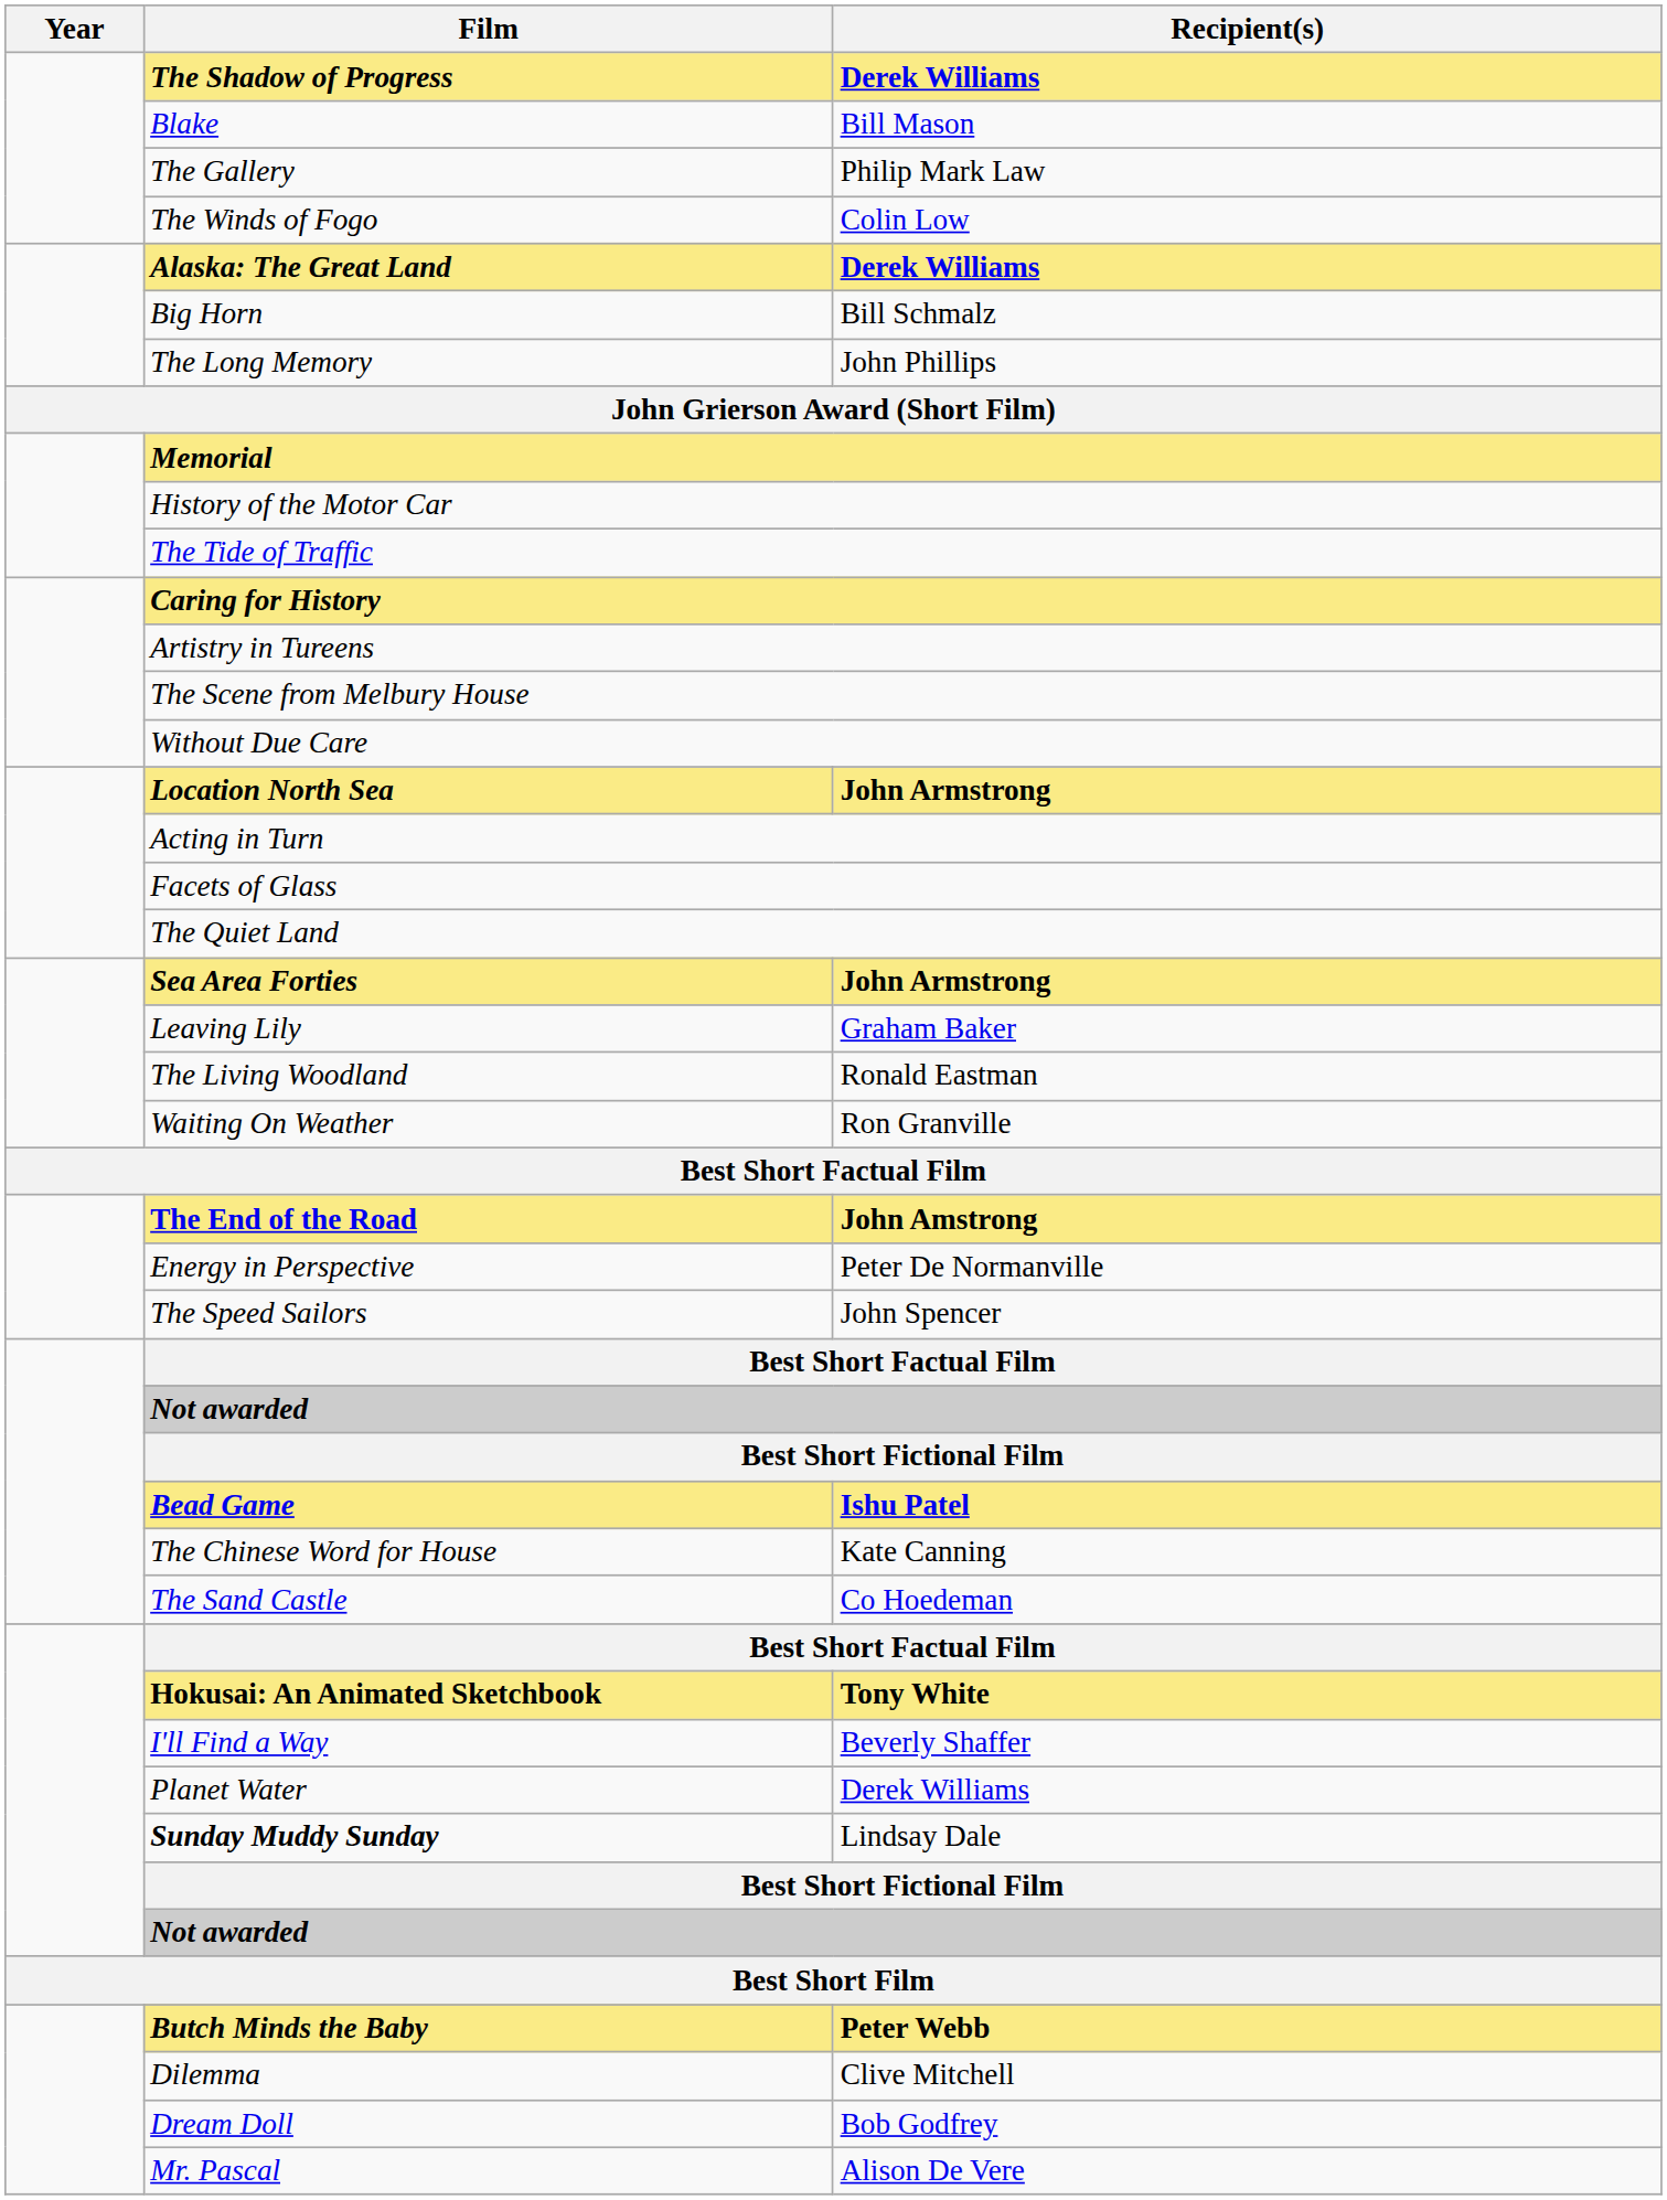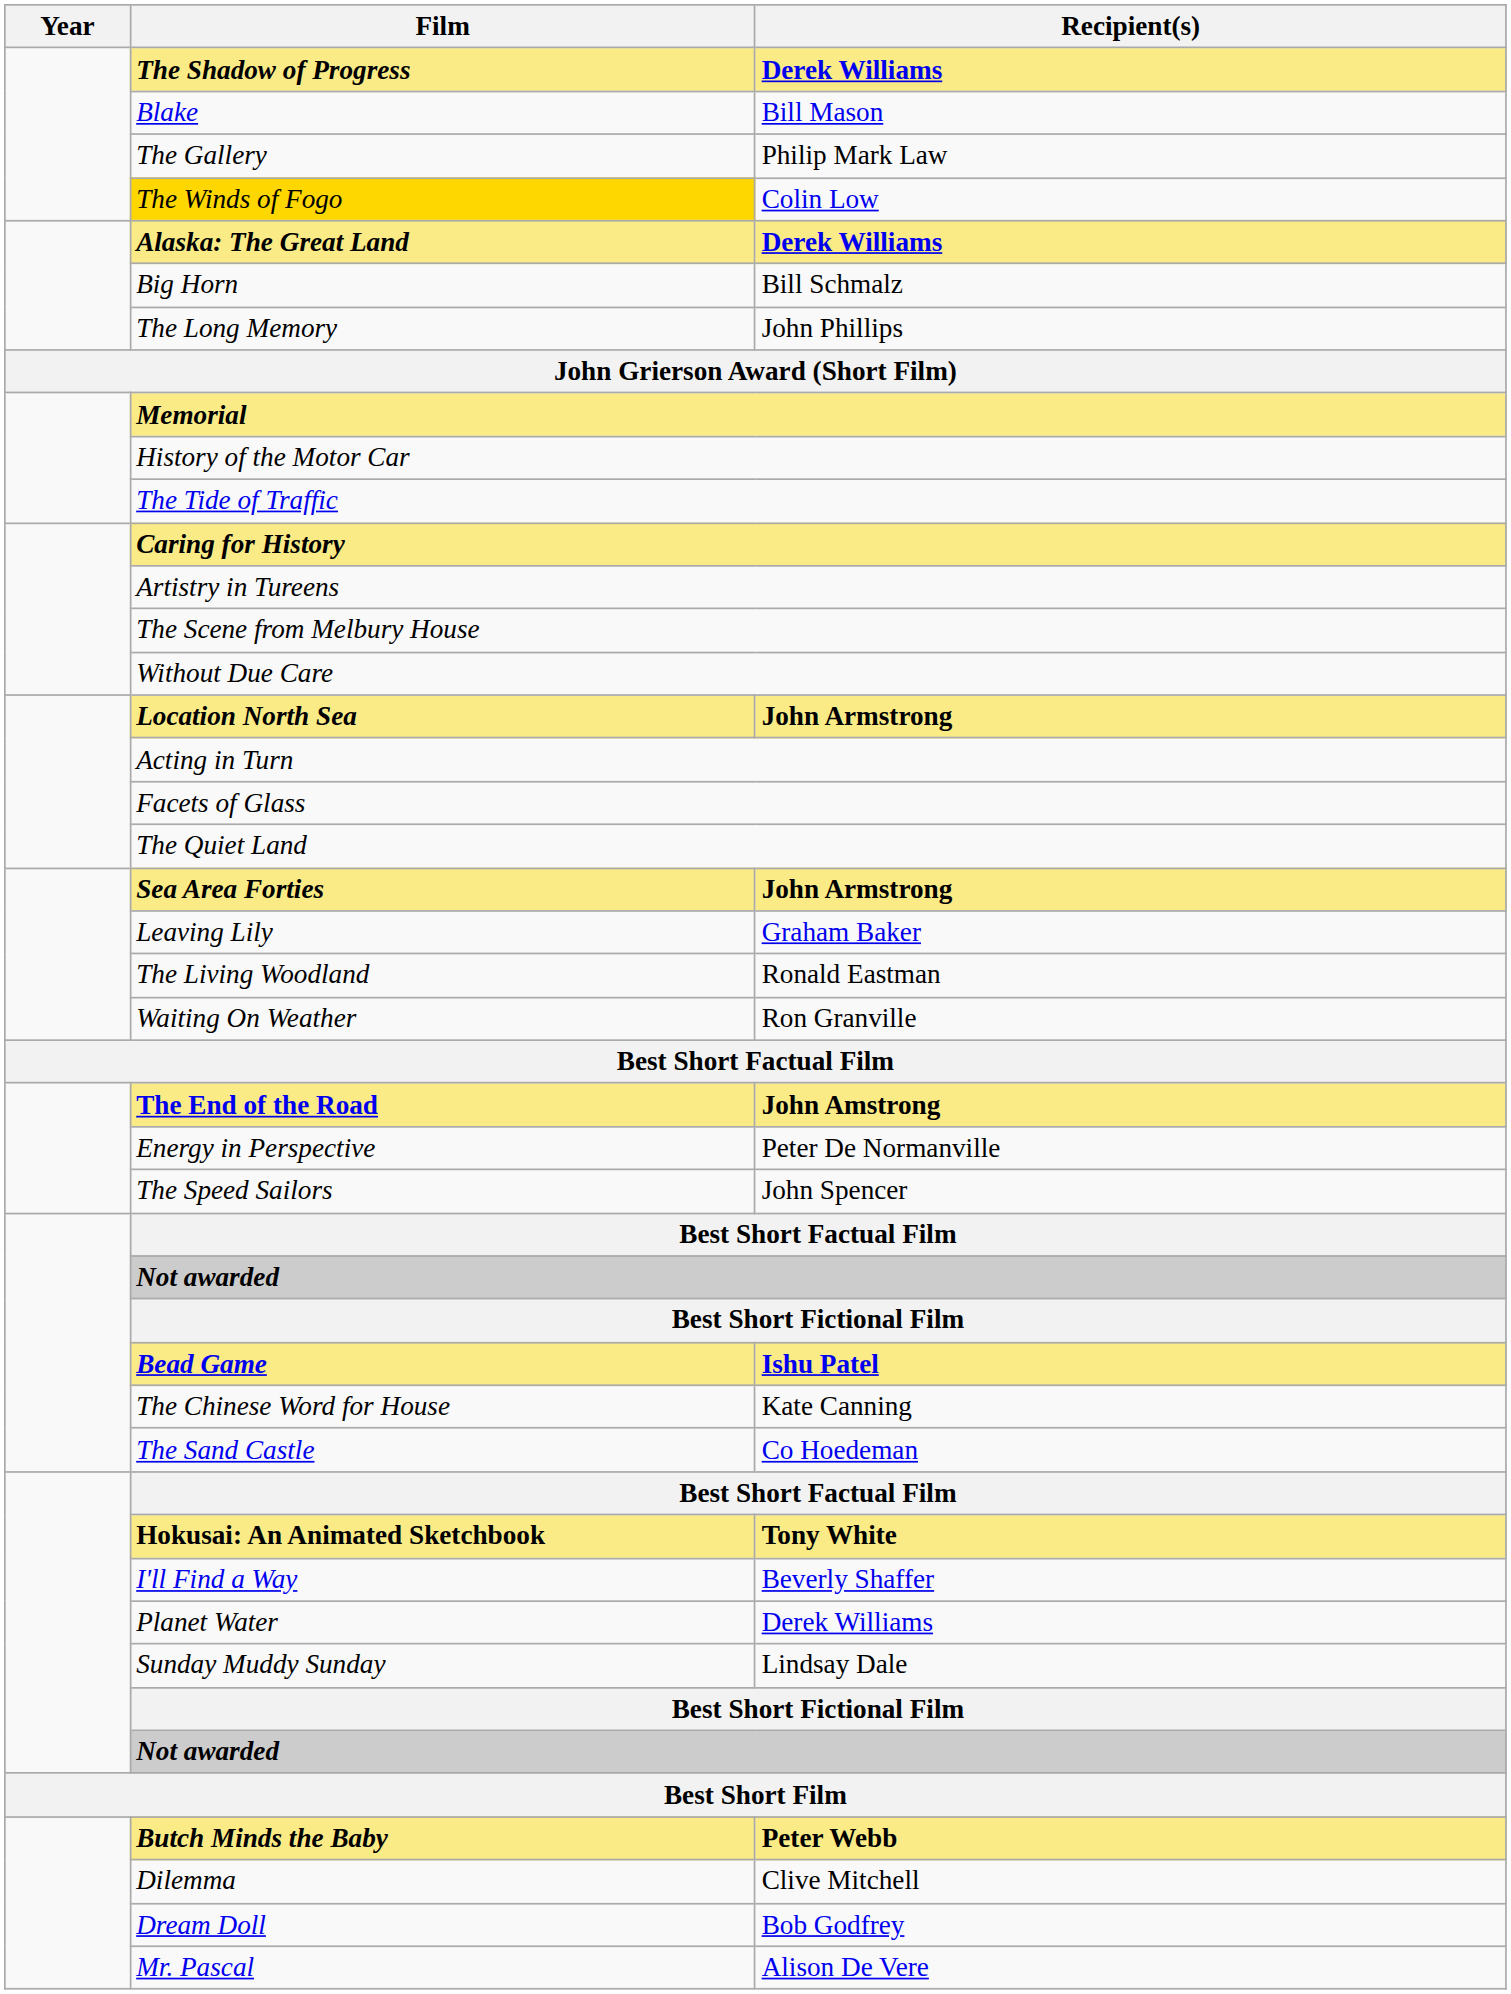 <table class="wikitable" style="width:100%;" cellpadding="5">
 <tr>
 <th style="width:5%;">Year</th>
 <th style="width:25%;">Film</th>
 <th style="width:30%;">Recipient(s)</th>
 </tr>
 <tr>
 <td rowspan="4"></td>
 <td style="background:#FAEB86"><strong><em>The Shadow of Progress</em></strong></td>
 <td style="background:#FAEB86"><strong><a href='#'>Derek Williams</a></strong></td>
 </tr>
 <tr>
 <td><em><a href='#'>Blake</a></em></td>
 <td><a href='#'>Bill Mason</a></td>
 </tr>
 <tr>
 <td><em>The Gallery</em></td>
 <td>Philip Mark Law</td>
 </tr>
 <tr>
-<td><em>The Winds of Fogo</em></td>
+<td style="background: gold;"><em>The Winds of Fogo</em></td>
 <td><a href='#'>Colin Low</a></td>
 </tr>
 <tr>
 <td rowspan="3"></td>
 <td style="background:#FAEB86"><strong><em>Alaska: The Great Land</em></strong></td>
 <td style="background:#FAEB86"><strong><a href='#'>Derek Williams</a></strong></td>
 </tr>
 <tr>
 <td><em>Big Horn</em></td>
 <td>Bill Schmalz</td>
 </tr>
 <tr>
 <td><em>The Long Memory</em></td>
 <td>John Phillips</td>
 </tr>
 <tr>
 <th colspan="3">John Grierson Award (Short Film)</th>
 </tr>
 <tr>
 <td rowspan="3"></td>
 <td colspan="2" style="background:#FAEB86"><strong><em>Memorial</em></strong></td>
 </tr>
 <tr>
 <td colspan="2"><em>History of the Motor Car</em></td>
 </tr>
 <tr>
 <td colspan="2"><em><a href='#'>The Tide of Traffic</a></em></td>
 </tr>
 <tr>
 <td rowspan="4"></td>
 <td colspan="2" style="background:#FAEB86"><strong><em>Caring for History</em></strong></td>
 </tr>
 <tr>
 <td colspan="2"><em>Artistry in Tureens</em></td>
 </tr>
 <tr>
 <td colspan="2"><em>The Scene from Melbury House</em></td>
 </tr>
 <tr>
 <td colspan="2"><em>Without Due Care</em></td>
 </tr>
 <tr>
 <td rowspan="4"></td>
 <td style="background:#FAEB86"><strong><em>Location North Sea</em></strong></td>
 <td style="background:#FAEB86"><strong>John Armstrong</strong></td>
 </tr>
 <tr>
 <td colspan="2"><em>Acting in Turn</em></td>
 </tr>
 <tr>
 <td colspan="2"><em>Facets of Glass</em></td>
 </tr>
 <tr>
 <td colspan="2"><em>The Quiet Land</em></td>
 </tr>
 <tr>
 <td rowspan="4"></td>
 <td style="background:#FAEB86"><strong><em>Sea Area Forties</em></strong></td>
 <td style="background:#FAEB86"><strong>John Armstrong</strong></td>
 </tr>
 <tr>
 <td><em>Leaving Lily</em></td>
 <td><a href='#'>Graham Baker</a></td>
 </tr>
 <tr>
 <td><em>The Living Woodland</em></td>
 <td>Ronald Eastman</td>
 </tr>
 <tr>
 <td><em>Waiting On Weather</em></td>
 <td>Ron Granville</td>
 </tr>
 <tr>
 <th colspan="3">Best Short Factual Film</th>
 </tr>
 <tr>
 <td rowspan="3"></td>
 <td style="background:#FAEB86"><strong><a href='#'>The End of the Road</a></strong></td>
 <td style="background:#FAEB86"><strong>John Amstrong</strong></td>
 </tr>
 <tr>
 <td><em>Energy in Perspective</em></td>
 <td>Peter De Normanville</td>
 </tr>
 <tr>
 <td><em>The Speed Sailors</em></td>
 <td>John Spencer</td>
 </tr>
 <tr>
 <td rowspan="6"></td>
 <th colspan="2">Best Short Factual Film</th>
 </tr>
 <tr>
 <td colspan="2" style="background:#ccc;"><strong><em>Not awarded</em></strong></td>
 </tr>
 <tr>
 <th colspan="2">Best Short Fictional Film</th>
 </tr>
 <tr>
 <td style="background:#FAEB86"><strong><em><a href='#'>Bead Game</a></em></strong></td>
 <td style="background:#FAEB86"><strong><a href='#'>Ishu Patel</a></strong></td>
 </tr>
 <tr>
 <td><em>The Chinese Word for House</em></td>
 <td>Kate Canning</td>
 </tr>
 <tr>
 <td><em><a href='#'>The Sand Castle</a></em></td>
 <td><a href='#'>Co Hoedeman</a></td>
 </tr>
 <tr>
 <td rowspan="7"></td>
 <th colspan="2">Best Short Factual Film</th>
 </tr>
 <tr>
 <td style="background:#FAEB86"><strong>Hokusai: An Animated Sketchbook</strong></td>
 <td style="background:#FAEB86"><strong>Tony White</strong></td>
 </tr>
 <tr>
 <td><em><a href='#'>I'll Find a Way</a></em></td>
 <td><a href='#'>Beverly Shaffer</a></td>
 </tr>
 <tr>
 <td><em>Planet Water</em></td>
 <td><a href='#'>Derek Williams</a></td>
 </tr>
 <tr>
-<td><strong><em>Sunday Muddy Sunday</em></strong></td>
+<td><em>Sunday Muddy Sunday</em></td>
 <td>Lindsay Dale</td>
 </tr>
 <tr>
 <th colspan="2">Best Short Fictional Film</th>
 </tr>
 <tr>
 <td colspan="2" style="background:#ccc;"><strong><em>Not awarded</em></strong></td>
 </tr>
 <tr>
 <th colspan="3">Best Short Film</th>
 </tr>
 <tr>
 <td rowspan="4"></td>
 <td style="background:#FAEB86"><strong><em>Butch Minds the Baby</em></strong></td>
 <td style="background:#FAEB86"><strong>Peter Webb</strong></td>
 </tr>
 <tr>
 <td><em>Dilemma</em></td>
 <td>Clive Mitchell</td>
 </tr>
 <tr>
 <td><em><a href='#'>Dream Doll</a></em></td>
 <td><a href='#'>Bob Godfrey</a></td>
 </tr>
 <tr>
 <td><em><a href='#'>Mr. Pascal</a></em></td>
 <td><a href='#'>Alison De Vere</a></td>
 </tr>
 </table>
